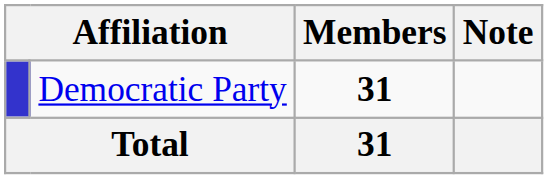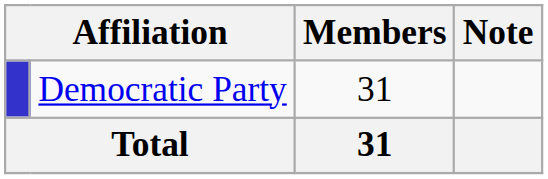 <table class="wikitable">
 <tr>
 <th colspan="2" align="center" valign="bottom">Affiliation</th>
 <th valign="bottom">Members</th>
 <th valign="bottom">Note</th>
 </tr>
 <tr>
 <td bgcolor="#3333CC"> </td>
 <td><a href='#'>Democratic Party</a></td>
-<td align="center"><strong>31</strong></td>
+<td align="center">31</td>
 <td></td>
 </tr>
 <tr>
 <th colspan="2" align="center">Total</th>
 <th align="center">31</th>
 <th></th>
 </tr>
 </table>
